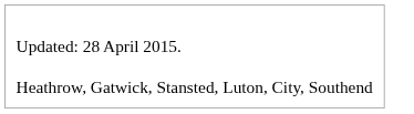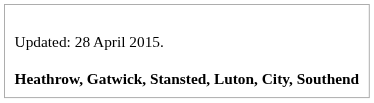 <table style="border:solid 1px #aaa;" cellpadding="10" cellspacing="0">
 <tr>
 <td></td>
 </tr>
 <tr>
 <td>Updated: 28 April 2015.</td>
 </tr>
 <tr>
-<td>Heathrow, Gatwick, Stansted, Luton, City, Southend</td>
+<td><strong>Heathrow, Gatwick, Stansted, Luton, City, Southend</strong></td>
 </tr>
 </table>
